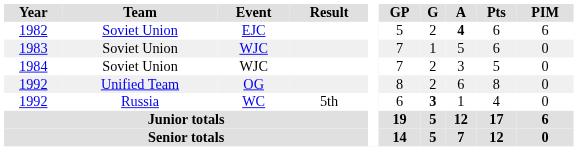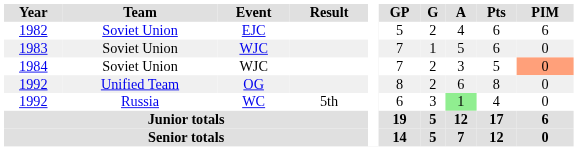 <table border="0" cellpadding="1" cellspacing="0" style="text-align:center; width:40em">
 <tr ALIGN="center" bgcolor="#e0e0e0">
 <th>Year</th>
 <th>Team</th>
 <th>Event</th>
 <th>Result</th>
 <th ALIGN="center" rowspan="99" bgcolor="#ffffff"> </th>
 <th>GP</th>
 <th>G</th>
 <th>A</th>
 <th>Pts</th>
 <th>PIM</th>
 </tr>
 <tr>
 <td><a href='#'>1982</a></td>
 <td><a href='#'>Soviet Union</a></td>
 <td><a href='#'>EJC</a></td>
 <td></td>
 <td>5</td>
 <td>2</td>
-<td><strong>4</strong></td>
+<td>4</td>
 <td>6</td>
 <td>6</td>
 </tr>
 <tr bgcolor="#f0f0f0">
 <td><a href='#'>1983</a></td>
 <td>Soviet Union</td>
 <td><a href='#'>WJC</a></td>
 <td></td>
 <td>7</td>
 <td>1</td>
 <td>5</td>
 <td>6</td>
 <td>0</td>
 </tr>
 <tr>
 <td><a href='#'>1984</a></td>
 <td>Soviet Union</td>
 <td>WJC</td>
 <td></td>
 <td>7</td>
 <td>2</td>
 <td>3</td>
 <td>5</td>
-<td>0</td>
+<td style="background: lightsalmon;">0</td>
 </tr>
 <tr bgcolor="#f0f0f0">
 <td><a href='#'>1992</a></td>
 <td><a href='#'>Unified Team</a></td>
 <td><a href='#'>OG</a></td>
 <td></td>
 <td>8</td>
 <td>2</td>
 <td>6</td>
 <td>8</td>
 <td>0</td>
 </tr>
 <tr>
 <td><a href='#'>1992</a></td>
 <td><a href='#'>Russia</a></td>
 <td><a href='#'>WC</a></td>
 <td>5th</td>
 <td>6</td>
-<td><strong>3</strong></td>
-<td>1</td>
+<td>3</td>
+<td style="background: lightgreen;">1</td>
 <td>4</td>
 <td>0</td>
 </tr>
 <tr bgcolor="#e0e0e0">
 <th colspan=4>Junior totals</th>
 <th>19</th>
 <th>5</th>
 <th>12</th>
 <th>17</th>
 <th>6</th>
 </tr>
 <tr bgcolor="#e0e0e0">
 <th colspan=4>Senior totals</th>
 <th>14</th>
 <th>5</th>
 <th>7</th>
 <th>12</th>
 <th>0</th>
 </tr>
 </table>
